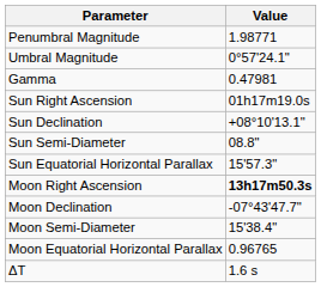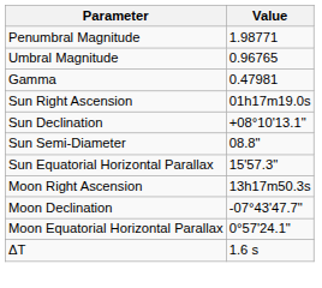 <table class="wikitable">
 <tr>
 <th>Parameter</th>
 <th>Value</th>
 </tr>
 <tr>
 <td>Penumbral Magnitude</td>
 <td>1.98771</td>
 </tr>
 <tr>
 <td>Umbral Magnitude</td>
-<td>0°57'24.1"</td>
+<td>0.96765</td>
 </tr>
 <tr>
 <td>Gamma</td>
 <td>0.47981</td>
 </tr>
 <tr>
 <td>Sun Right Ascension</td>
 <td>01h17m19.0s</td>
 </tr>
 <tr>
 <td>Sun Declination</td>
 <td>+08°10'13.1"</td>
 </tr>
 <tr>
 <td>Sun Semi-Diameter</td>
 <td>08.8"</td>
 </tr>
 <tr>
 <td>Sun Equatorial Horizontal Parallax</td>
 <td>15'57.3"</td>
 </tr>
 <tr>
 <td>Moon Right Ascension</td>
-<td><strong>13h17m50.3s</strong></td>
+<td>13h17m50.3s</td>
 </tr>
 <tr>
 <td>Moon Declination</td>
 <td>-07°43'47.7"</td>
 </tr>
 <tr>
-<td>Moon Semi-Diameter</td>
-<td>15'38.4"</td>
-</tr>
-<tr>
 <td>Moon Equatorial Horizontal Parallax</td>
-<td>0.96765</td>
+<td>0°57'24.1"</td>
 </tr>
 <tr>
 <td>ΔT</td>
 <td>1.6 s</td>
 </tr>
 </table>
